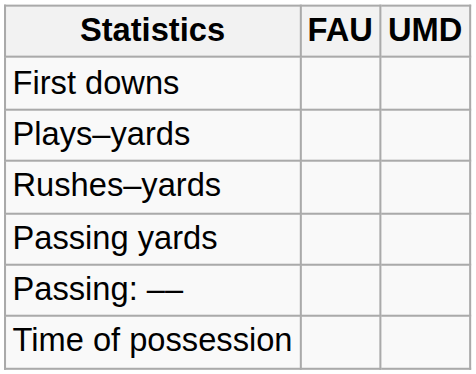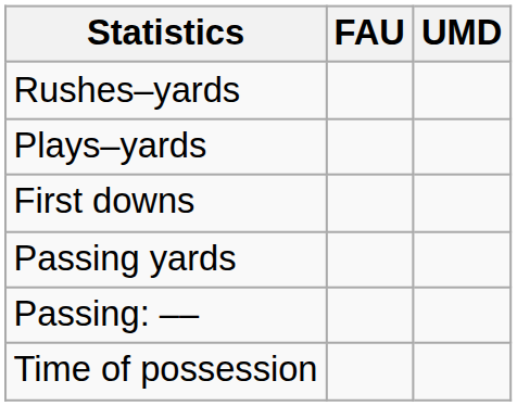 <table class="wikitable" style="float:left">
 <tr>
 <th>Statistics</th>
 <th>FAU</th>
 <th>UMD</th>
 </tr>
 <tr>
-<td>First downs</td>
+<td>Rushes–yards</td>
 <td></td>
 <td></td>
 </tr>
 <tr>
 <td>Plays–yards</td>
 <td></td>
 <td></td>
 </tr>
 <tr>
-<td>Rushes–yards</td>
+<td>First downs</td>
 <td></td>
 <td></td>
 </tr>
 <tr>
 <td>Passing yards</td>
 <td></td>
 <td></td>
 </tr>
 <tr>
 <td>Passing: ––</td>
 <td></td>
 <td></td>
 </tr>
 <tr>
 <td>Time of possession</td>
 <td></td>
 <td></td>
 </tr>
 </table>
